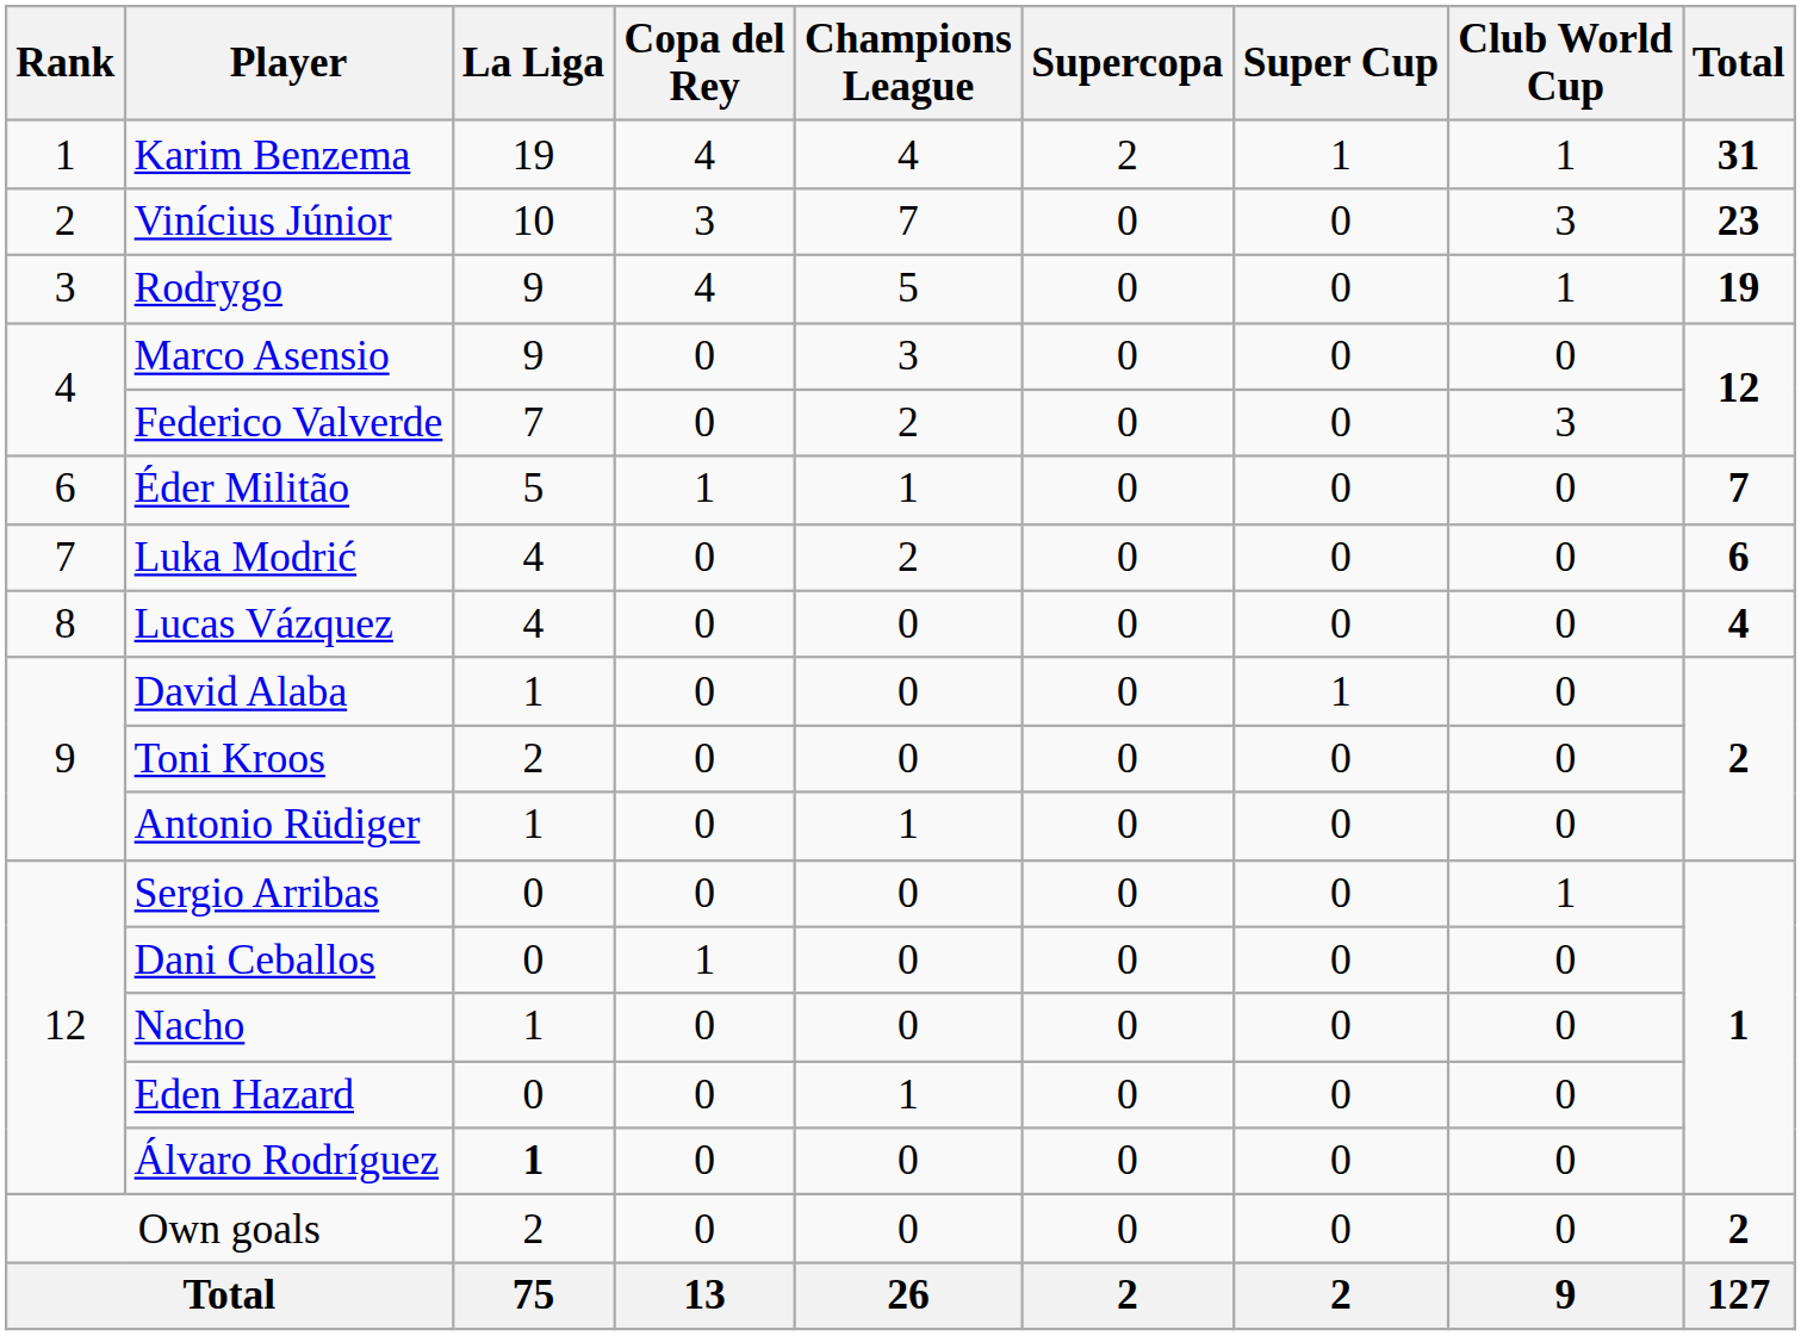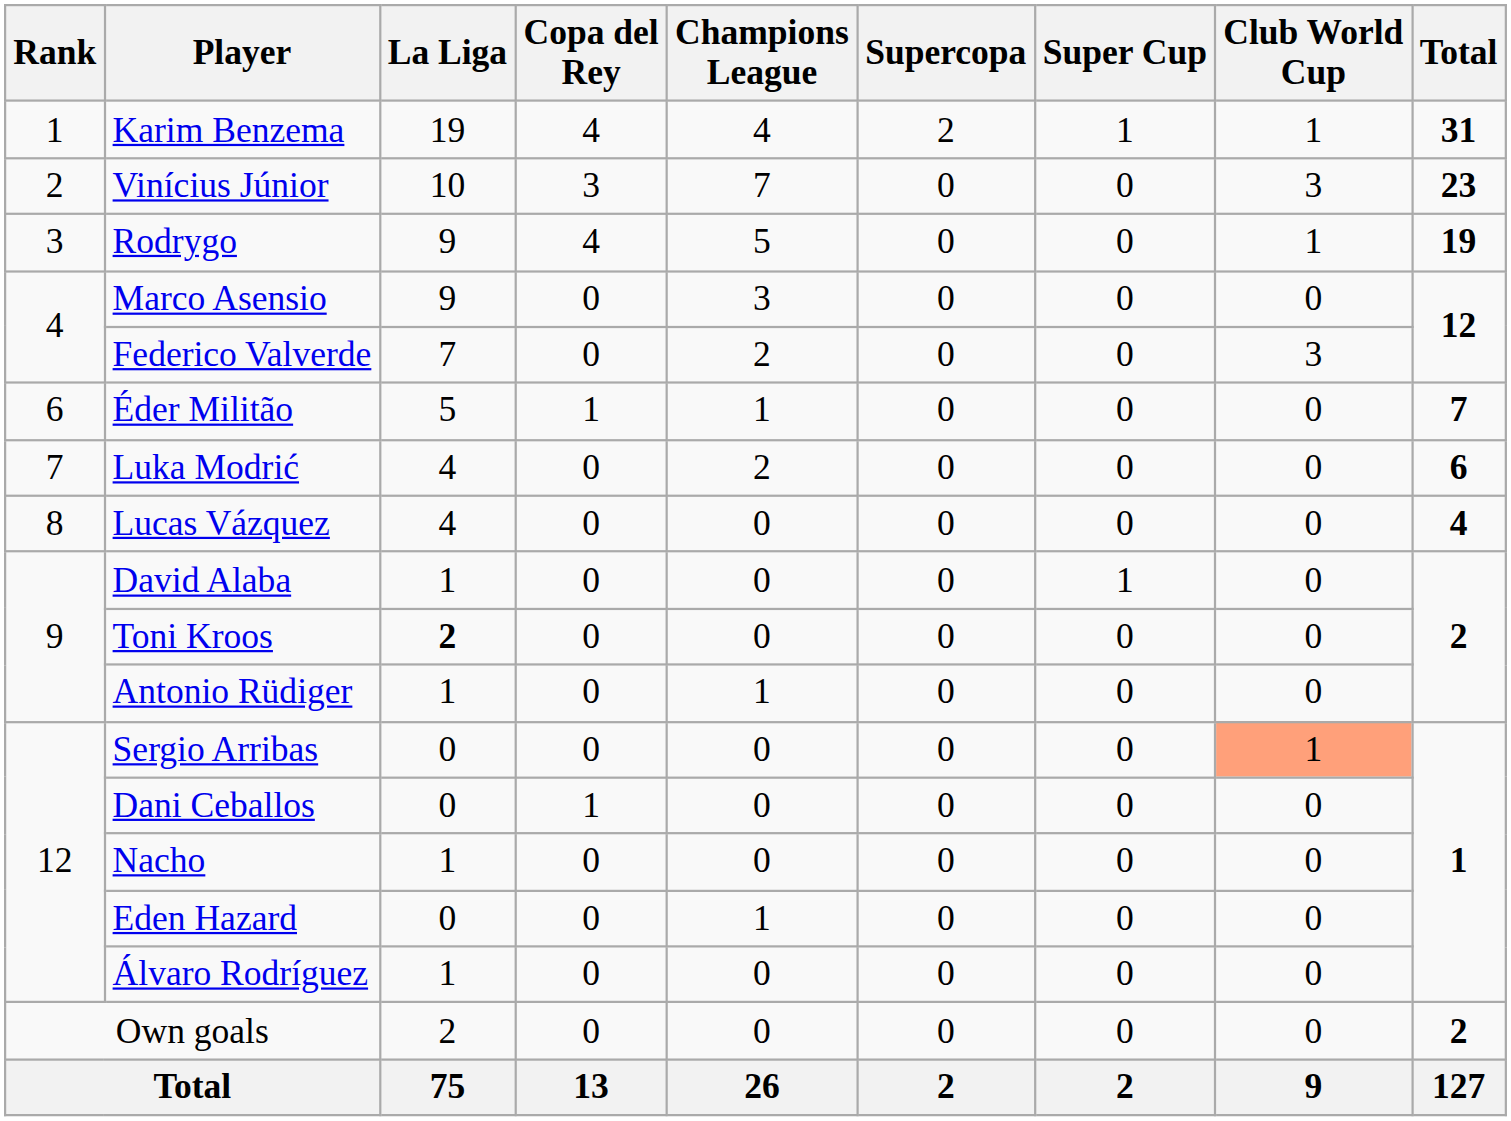 <table class="wikitable" style="text-align:center;">
 <tr>
 <th>Rank</th>
 <th>Player</th>
 <th>La Liga</th>
 <th>Copa del<br>Rey</th>
 <th>Champions<br>League</th>
 <th>Supercopa</th>
 <th>Super Cup</th>
 <th>Club World<br>Cup</th>
 <th>Total</th>
 </tr>
 <tr>
 <td>1</td>
 <td align=left> <a href='#'>Karim Benzema</a></td>
 <td>19</td>
 <td>4</td>
 <td>4</td>
 <td>2</td>
 <td>1</td>
 <td>1</td>
 <td><strong>31</strong></td>
 </tr>
 <tr>
 <td>2</td>
 <td align=left> <a href='#'>Vinícius Júnior</a></td>
 <td>10</td>
 <td>3</td>
 <td>7</td>
 <td>0</td>
 <td>0</td>
 <td>3</td>
 <td><strong>23</strong></td>
 </tr>
 <tr>
 <td>3</td>
 <td align=left> <a href='#'>Rodrygo</a></td>
 <td>9</td>
 <td>4</td>
 <td>5</td>
 <td>0</td>
 <td>0</td>
 <td>1</td>
 <td><strong>19</strong></td>
 </tr>
 <tr>
 <td rowspan="2">4</td>
 <td align=left> <a href='#'>Marco Asensio</a></td>
 <td>9</td>
 <td>0</td>
 <td>3</td>
 <td>0</td>
 <td>0</td>
 <td>0</td>
 <td rowspan="2"><strong>12</strong></td>
 </tr>
 <tr>
 <td align=left> <a href='#'>Federico Valverde</a></td>
 <td>7</td>
 <td>0</td>
 <td>2</td>
 <td>0</td>
 <td>0</td>
 <td>3</td>
 </tr>
 <tr>
 <td>6</td>
 <td align=left> <a href='#'>Éder Militão</a></td>
 <td>5</td>
 <td>1</td>
 <td>1</td>
 <td>0</td>
 <td>0</td>
 <td>0</td>
 <td><strong>7</strong></td>
 </tr>
 <tr>
 <td>7</td>
 <td align=left> <a href='#'>Luka Modrić</a></td>
 <td>4</td>
 <td>0</td>
 <td>2</td>
 <td>0</td>
 <td>0</td>
 <td>0</td>
 <td><strong>6</strong></td>
 </tr>
 <tr>
 <td>8</td>
 <td align=left> <a href='#'>Lucas Vázquez</a></td>
 <td>4</td>
 <td>0</td>
 <td>0</td>
 <td>0</td>
 <td>0</td>
 <td>0</td>
 <td><strong>4</strong></td>
 </tr>
 <tr>
 <td rowspan="3">9</td>
 <td align=left> <a href='#'>David Alaba</a></td>
 <td>1</td>
 <td>0</td>
 <td>0</td>
 <td>0</td>
 <td>1</td>
 <td>0</td>
 <td rowspan="3"><strong>2</strong></td>
 </tr>
 <tr>
 <td align=left> <a href='#'>Toni Kroos</a></td>
-<td>2</td>
+<td><strong>2</strong></td>
 <td>0</td>
 <td>0</td>
 <td>0</td>
 <td>0</td>
 <td>0</td>
 </tr>
 <tr>
 <td align=left> <a href='#'>Antonio Rüdiger</a></td>
 <td>1</td>
 <td>0</td>
 <td>1</td>
 <td>0</td>
 <td>0</td>
 <td>0</td>
 </tr>
 <tr>
 <td rowspan="5">12</td>
 <td align=left> <a href='#'>Sergio Arribas</a></td>
 <td>0</td>
 <td>0</td>
 <td>0</td>
 <td>0</td>
 <td>0</td>
-<td>1</td>
+<td style="background: lightsalmon;">1</td>
 <td rowspan="5"><strong>1</strong></td>
 </tr>
 <tr>
 <td align=left> <a href='#'>Dani Ceballos</a></td>
 <td>0</td>
 <td>1</td>
 <td>0</td>
 <td>0</td>
 <td>0</td>
 <td>0</td>
 </tr>
 <tr>
 <td align=left> <a href='#'>Nacho</a></td>
 <td>1</td>
 <td>0</td>
 <td>0</td>
 <td>0</td>
 <td>0</td>
 <td>0</td>
 </tr>
 <tr>
 <td align=left> <a href='#'>Eden Hazard</a></td>
 <td>0</td>
 <td>0</td>
 <td>1</td>
 <td>0</td>
 <td>0</td>
 <td>0</td>
 </tr>
 <tr>
 <td align=left> <a href='#'>Álvaro Rodríguez</a></td>
-<td><strong>1</strong></td>
+<td>1</td>
 <td>0</td>
 <td>0</td>
 <td>0</td>
 <td>0</td>
 <td>0</td>
 </tr>
 <tr>
 <td align=center colspan=2>Own goals</td>
 <td>2</td>
 <td>0</td>
 <td>0</td>
 <td>0</td>
 <td>0</td>
 <td>0</td>
 <td><strong>2</strong></td>
 </tr>
 <tr>
 <th colspan=2>Total</th>
 <th>75</th>
 <th>13</th>
 <th>26</th>
 <th>2</th>
 <th>2</th>
 <th>9</th>
 <th>127</th>
 </tr>
 </table>
